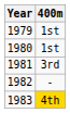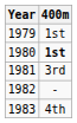 <table class=wikitable>
 <tr>
 <th>Year</th>
 <th>400m</th>
 </tr>
 <tr>
 <td>1979</td>
 <td style="text-align:center;">1st</td>
 </tr>
 <tr>
 <td>1980</td>
-<td style="text-align:center;">1st</td>
+<td style="text-align:center;"><strong>1st</strong></td>
 </tr>
 <tr>
 <td>1981</td>
 <td style="text-align:center;">3rd</td>
 </tr>
 <tr>
 <td>1982</td>
 <td style="text-align:center;">-</td>
 </tr>
 <tr>
 <td>1983</td>
-<td style="background: gold; text-align:center;">4th</td>
+<td style="text-align:center;">4th</td>
 </tr>
 </table>
